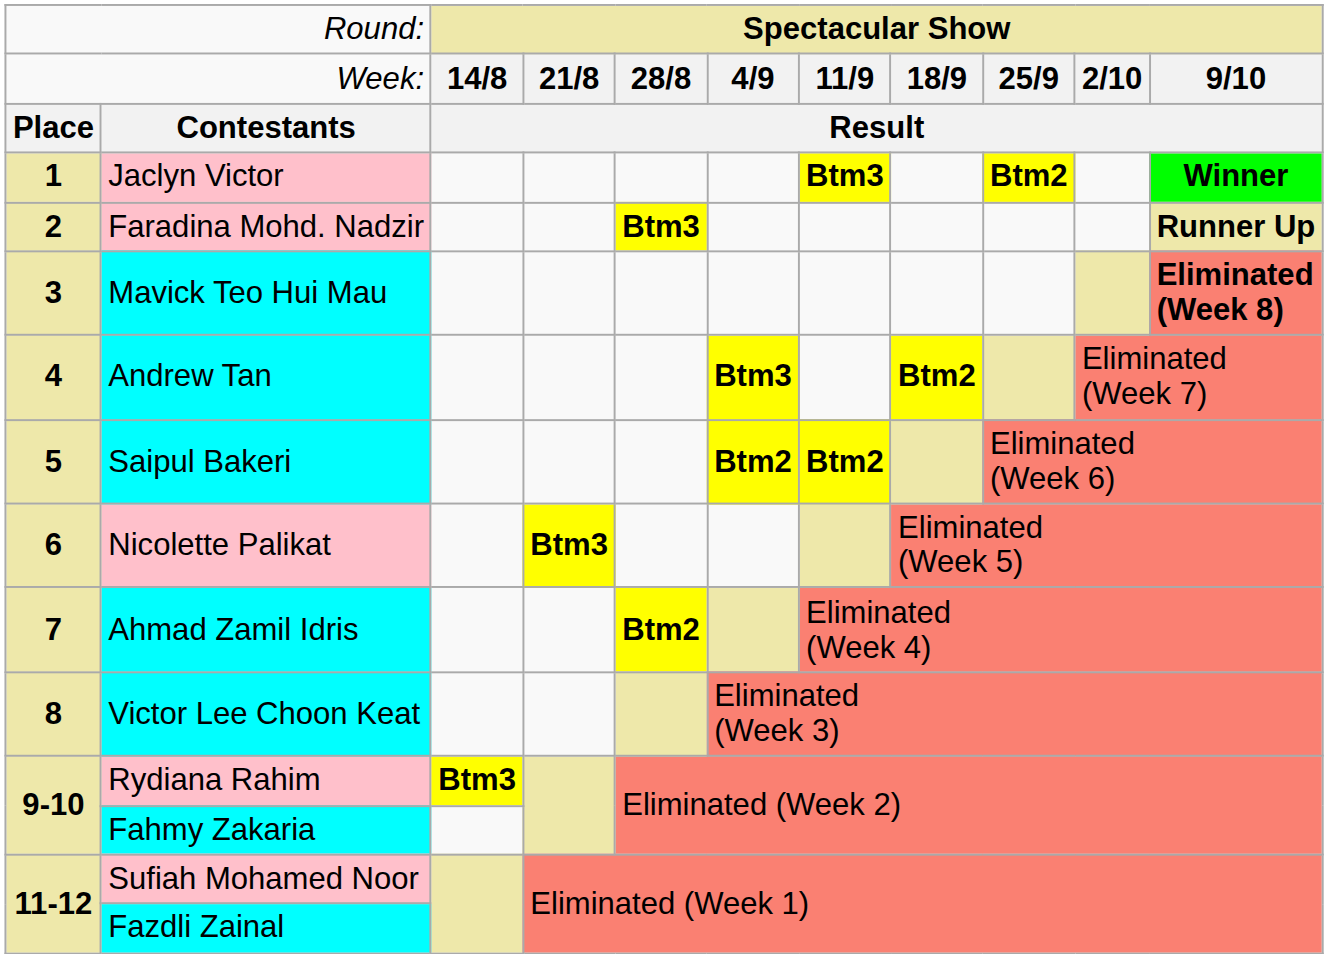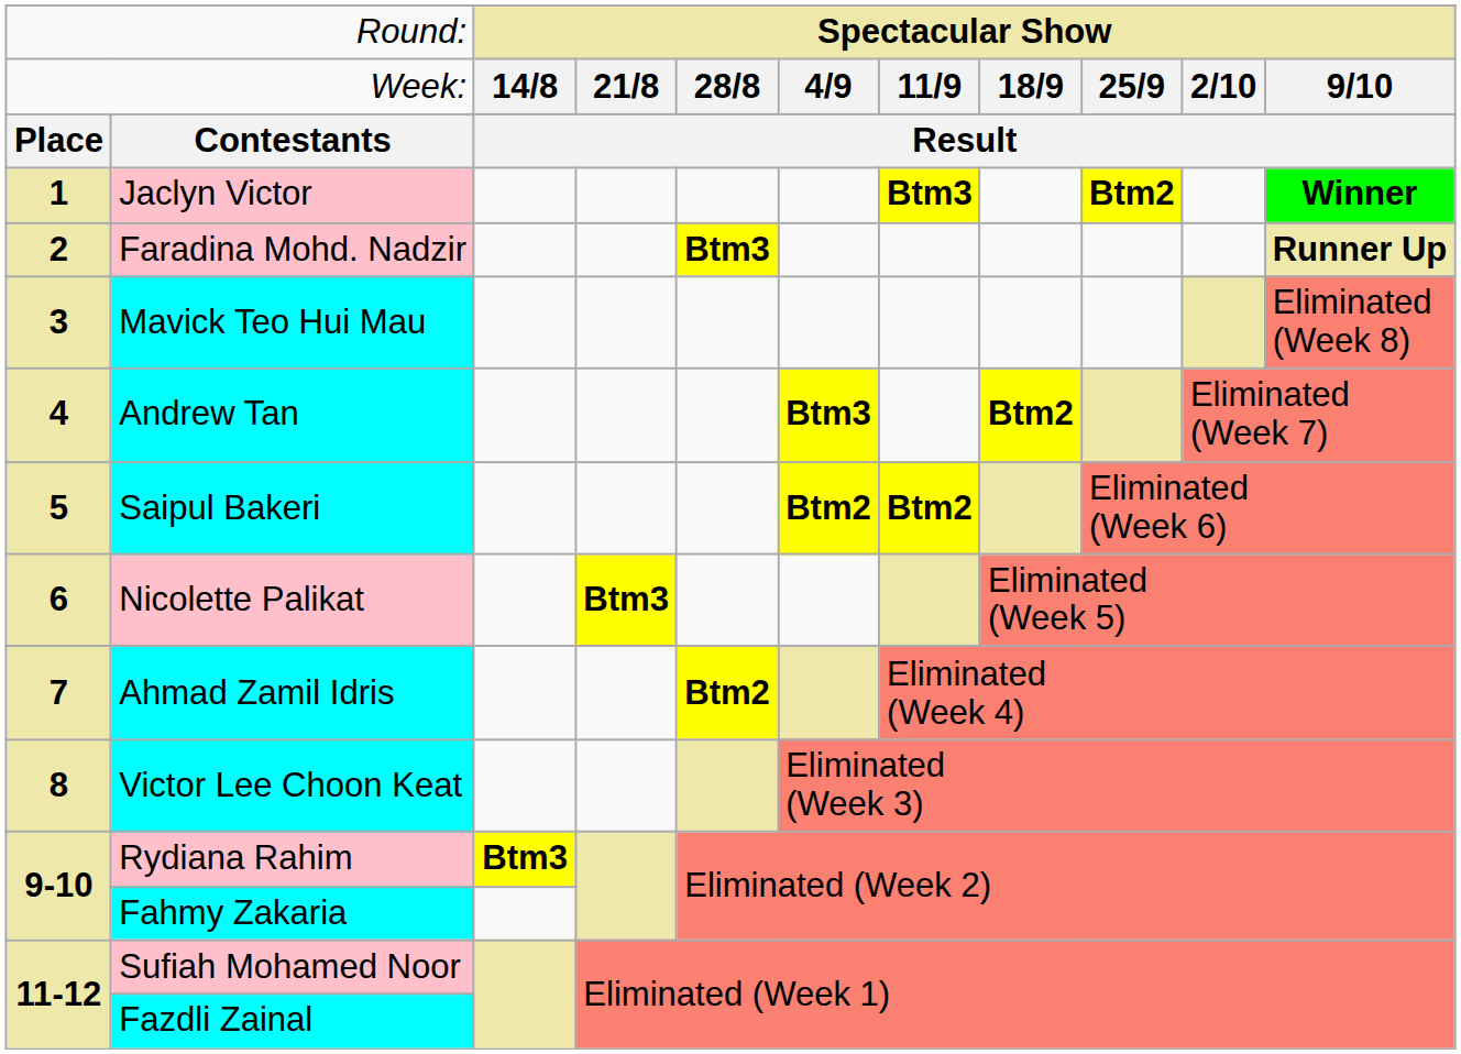 <table class="wikitable" style="margin: auto;">
 <tr>
 <td colspan="2" align="right"><em>Round:</em></td>
 <td colspan="9" bgcolor="palegoldenrod" align="Center"><strong>Spectacular Show</strong></td>
 </tr>
 <tr>
 <td colspan="2" align="right"><em>Week:</em></td>
 <th><strong>14/8</strong></th>
 <th><strong>21/8</strong></th>
 <th><strong>28/8</strong></th>
 <th><strong>4/9</strong></th>
 <th><strong>11/9</strong></th>
 <th><strong>18/9</strong></th>
 <th><strong>25/9</strong></th>
 <th><strong>2/10</strong></th>
 <th><strong>9/10</strong></th>
 </tr>
 <tr>
 <th>Place</th>
 <th>Contestants</th>
 <th colspan="11" align="center">Result</th>
 </tr>
 <tr>
 <td align="center" bgcolor="palegoldenrod"><strong>1</strong></td>
 <td bgcolor="pink">Jaclyn Victor</td>
 <td></td>
 <td></td>
 <td></td>
 <td></td>
 <td bgcolor="#FFFF00"><strong>Btm3</strong></td>
 <td></td>
 <td bgcolor="#FFFF00"><strong>Btm2</strong></td>
 <td></td>
 <td align="center" bgcolor="lime"><strong>Winner</strong></td>
 </tr>
 <tr>
 <td align="center" bgcolor="palegoldenrod"><strong>2</strong></td>
 <td bgcolor="pink">Faradina Mohd. Nadzir</td>
 <td></td>
 <td></td>
 <td bgcolor="#FFFF00"><strong>Btm3</strong></td>
 <td></td>
 <td></td>
 <td></td>
 <td></td>
 <td></td>
 <td align="center" bgcolor="palegoldenrod"><strong>Runner Up</strong></td>
 </tr>
 <tr>
 <td align="center" bgcolor="palegoldenrod"><strong>3</strong></td>
 <td bgcolor="cyan">Mavick Teo Hui Mau</td>
 <td></td>
 <td></td>
 <td></td>
 <td></td>
 <td></td>
 <td></td>
 <td></td>
 <td bgcolor="palegoldenrod" align="center"></td>
-<td colspan="1" style="background:salmon;"><strong>Eliminated <br> (Week 8)</strong></td>
+<td colspan="1" style="background:salmon;">Eliminated <br> (Week 8)</td>
 </tr>
 <tr>
 <td align="center" bgcolor="palegoldenrod"><strong>4</strong></td>
 <td bgcolor="cyan">Andrew Tan</td>
 <td></td>
 <td></td>
 <td></td>
 <td bgcolor="#FFFF00"><strong>Btm3</strong></td>
 <td></td>
 <td bgcolor="#FFFF00"><strong>Btm2</strong></td>
 <td bgcolor="palegoldenrod" align="center"></td>
 <td colspan="2" style="background:salmon;">Eliminated <br> (Week 7)</td>
 </tr>
 <tr>
 <td align="center" bgcolor="palegoldenrod"><strong>5</strong></td>
 <td bgcolor="cyan">Saipul Bakeri</td>
 <td></td>
 <td></td>
 <td></td>
 <td bgcolor="#FFFF00"><strong>Btm2</strong></td>
 <td bgcolor="#FFFF00"><strong>Btm2</strong></td>
 <td bgcolor="palegoldenrod" align="center"></td>
 <td colspan="3" style="background:salmon;">Eliminated <br> (Week 6)</td>
 </tr>
 <tr>
 <td align="center" bgcolor="palegoldenrod"><strong>6</strong></td>
 <td bgcolor="pink">Nicolette Palikat</td>
 <td></td>
 <td bgcolor="#FFFF00"><strong>Btm3</strong></td>
 <td></td>
 <td></td>
 <td bgcolor="palegoldenrod" align="center"></td>
 <td colspan="4" style="background:salmon;">Eliminated <br> (Week 5)</td>
 </tr>
 <tr>
 <td align="center" bgcolor="palegoldenrod"><strong>7</strong></td>
 <td bgcolor="cyan">Ahmad Zamil Idris</td>
 <td></td>
 <td></td>
 <td bgcolor="#FFFF00"><strong>Btm2</strong></td>
 <td bgcolor="palegoldenrod" align="center"></td>
 <td colspan="5" style="background:salmon;">Eliminated <br> (Week 4)</td>
 </tr>
 <tr>
 <td align="center" bgcolor="palegoldenrod"><strong>8</strong></td>
 <td bgcolor="cyan">Victor Lee Choon Keat</td>
 <td></td>
 <td></td>
 <td bgcolor="palegoldenrod" align="center"></td>
 <td colspan="6" style="background:salmon;">Eliminated <br> (Week 3)</td>
 </tr>
 <tr>
 <td align="center" bgcolor="palegoldenrod" rowspan="2"><strong>9-10</strong></td>
 <td bgcolor="pink">Rydiana Rahim</td>
 <td bgcolor="#FFFF00"><strong>Btm3</strong></td>
 <td bgcolor="palegoldenrod" align="center" rowspan="2"></td>
 <td style="background:salmon;" colspan="7" rowspan="2">Eliminated (Week 2)</td>
 </tr>
 <tr>
 <td bgcolor="cyan">Fahmy Zakaria</td>
 <td></td>
 </tr>
 <tr>
 <td align="center" bgcolor="palegoldenrod" rowspan="2"><strong>11-12</strong></td>
 <td bgcolor="pink">Sufiah Mohamed Noor</td>
 <td bgcolor="palegoldenrod" align="center" rowspan="2"></td>
 <td style="background:salmon;" colspan="8" rowspan="2">Eliminated (Week 1)</td>
 </tr>
 <tr>
 <td bgcolor="cyan">Fazdli Zainal</td>
 </tr>
 </table>
